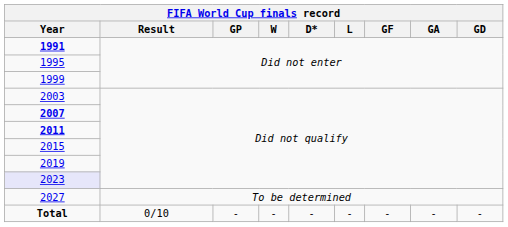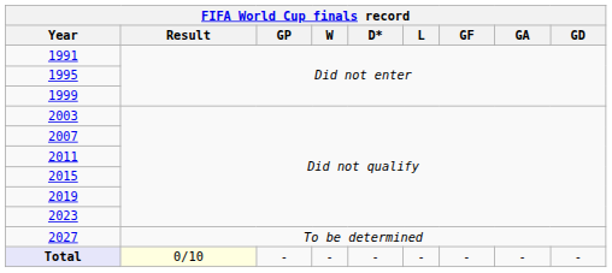 <table class="wikitable" style="text-align: center; width:50%;">
 <tr>
 <th colspan=10><a href='#'>FIFA World Cup finals</a> record</th>
 </tr>
 <tr>
 <th>Year</th>
 <th>Result</th>
 <th>GP</th>
 <th>W</th>
 <th>D*</th>
 <th>L</th>
 <th>GF</th>
 <th>GA</th>
 <th>GD</th>
 </tr>
 <tr>
-<td><strong> <a href='#'>1991</a></strong></td>
+<td> <a href='#'>1991</a></td>
 <td colspan=8 rowspan=3><em>Did not enter</em></td>
 </tr>
 <tr>
 <td> <a href='#'>1995</a></td>
 </tr>
 <tr>
 <td> <a href='#'>1999</a></td>
 </tr>
 <tr>
 <td> <a href='#'>2003</a></td>
 <td colspan=8 rowspan=6><em>Did not qualify</em></td>
 </tr>
 <tr>
-<td><strong> <a href='#'>2007</a></strong></td>
+<td> <a href='#'>2007</a></td>
 </tr>
 <tr>
-<td><strong> <a href='#'>2011</a></strong></td>
+<td> <a href='#'>2011</a></td>
 </tr>
 <tr>
 <td> <a href='#'>2015</a></td>
 </tr>
 <tr>
 <td> <a href='#'>2019</a></td>
 </tr>
 <tr>
-<td style="background: lavender;"> <a href='#'>2023</a></td>
+<td> <a href='#'>2023</a></td>
 </tr>
 <tr>
 <td> <a href='#'>2027</a></td>
 <td colspan=8><em>To be determined</em></td>
 </tr>
 <tr>
-<td><strong>Total</strong></td>
-<td>0/10</td>
+<td style="background: lavender;"><strong>Total</strong></td>
+<td style="background: lightyellow;">0/10</td>
 <td>-</td>
 <td>-</td>
 <td>-</td>
 <td>-</td>
 <td>-</td>
 <td>-</td>
 <td>-</td>
 </tr>
 </table>
